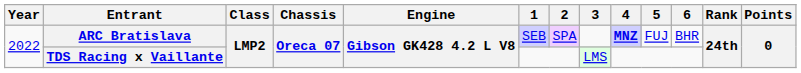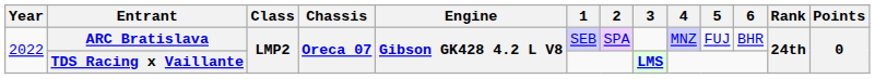 <table class="wikitable" style="text-align:center; font-size:85%">
 <tr>
 <th>Year</th>
 <th>Entrant</th>
 <th>Class</th>
 <th>Chassis</th>
 <th>Engine</th>
 <th>1</th>
 <th>2</th>
 <th>3</th>
 <th>4</th>
 <th>5</th>
 <th>6</th>
 <th>Rank</th>
 <th>Points</th>
 </tr>
 <tr>
 <td rowspan=2><a href='#'>2022</a></td>
 <th nowrap><a href='#'>ARC Bratislava</a></th>
 <th rowspan=2>LMP2</th>
 <th rowspan=2><a href='#'>Oreca 07</a></th>
 <th rowspan=2><a href='#'>Gibson</a> GK428 4.2 L V8</th>
 <td style="background:#CFCFFF;"><a href='#'>SEB</a><br></td>
 <td style="background:#EFCFFF;"><a href='#'>SPA</a><br></td>
 <td></td>
-<td style="background:#CFCFFF;"><strong><a href='#'>MNZ</a><br></strong></td>
+<td style="background:#CFCFFF;"><a href='#'>MNZ</a><br></td>
 <td style="background:#;"><a href='#'>FUJ</a><br></td>
 <td style="background:#;"><a href='#'>BHR</a><br></td>
 <th rowspan=2>24th</th>
 <th rowspan=2>0</th>
 </tr>
 <tr>
 <th nowrap><a href='#'>TDS Racing</a> x <a href='#'>Vaillante</a></th>
 <td colspan=2></td>
-<td style="background:#DFFFDF;"><a href='#'>LMS</a><br></td>
+<td style="background:#DFFFDF;"><strong><a href='#'>LMS</a><br></strong></td>
 <td colspan=3></td>
 </tr>
 </table>
